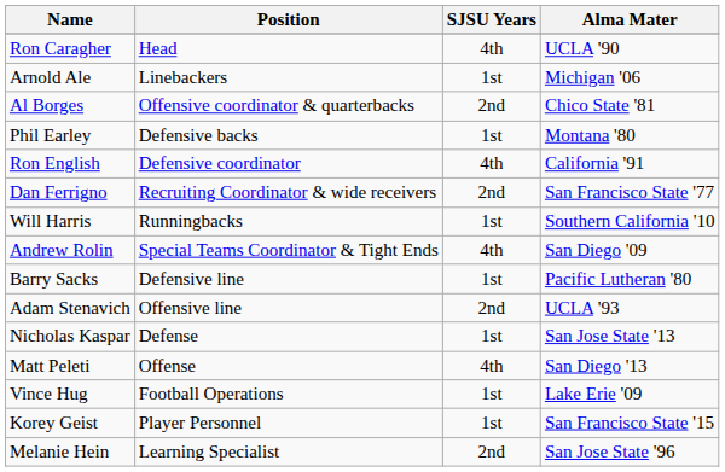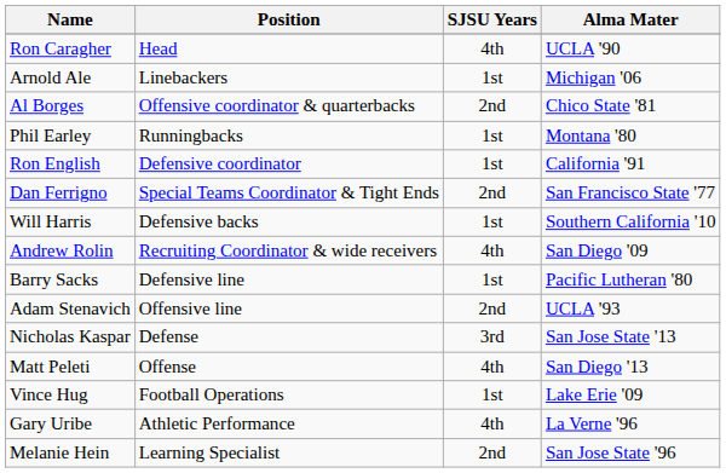 <table class="wikitable">
 <tr>
 <th><span>Name</span></th>
 <th><span>Position</span></th>
 <th><span>SJSU Years</span></th>
 <th><span>Alma Mater</span></th>
 </tr>
 <tr>
 </tr>
 <tr>
 <td><a href='#'>Ron Caragher</a></td>
 <td><a href='#'>Head</a></td>
 <td align=center>4th</td>
 <td><a href='#'>UCLA</a> '90</td>
 </tr>
 <tr>
 <td>Arnold Ale</td>
 <td>Linebackers</td>
 <td align=center>1st</td>
 <td><a href='#'>Michigan</a> '06</td>
 </tr>
 <tr>
 <td><a href='#'>Al Borges</a></td>
 <td><a href='#'>Offensive coordinator</a> & quarterbacks</td>
 <td align=center>2nd</td>
 <td><a href='#'>Chico State</a> '81</td>
 </tr>
 <tr>
 <td>Phil Earley</td>
-<td>Defensive backs</td>
+<td>Runningbacks</td>
 <td align=center>1st</td>
 <td><a href='#'>Montana</a> '80</td>
 </tr>
 <tr>
 <td><a href='#'>Ron English</a></td>
 <td><a href='#'>Defensive coordinator</a></td>
-<td align=center>4th</td>
+<td align=center>1st</td>
 <td><a href='#'>California</a> '91</td>
 </tr>
 <tr>
 <td><a href='#'>Dan Ferrigno</a></td>
-<td><a href='#'>Recruiting Coordinator</a> & wide receivers</td>
+<td><a href='#'>Special Teams Coordinator</a> & Tight Ends</td>
 <td align=center>2nd</td>
 <td><a href='#'>San Francisco State</a> '77</td>
 </tr>
 <tr>
 <td>Will Harris</td>
-<td>Runningbacks</td>
+<td>Defensive backs</td>
 <td align=center>1st</td>
 <td><a href='#'>Southern California</a> '10</td>
 </tr>
 <tr>
 <td><a href='#'>Andrew Rolin</a></td>
-<td><a href='#'>Special Teams Coordinator</a> & Tight Ends</td>
+<td><a href='#'>Recruiting Coordinator</a> & wide receivers</td>
 <td align=center>4th</td>
 <td><a href='#'>San Diego</a> '09</td>
 </tr>
 <tr>
 <td>Barry Sacks</td>
 <td>Defensive line</td>
 <td align=center>1st</td>
 <td><a href='#'>Pacific Lutheran</a> '80</td>
 </tr>
 <tr>
 <td>Adam Stenavich</td>
 <td>Offensive line</td>
 <td align=center>2nd</td>
 <td><a href='#'>UCLA</a> '93</td>
 </tr>
 <tr>
 <td>Nicholas Kaspar</td>
 <td>Defense</td>
-<td align=center>1st</td>
+<td align=center>3rd</td>
 <td><a href='#'>San Jose State</a> '13</td>
 </tr>
 <tr>
 <td>Matt Peleti</td>
 <td>Offense</td>
 <td align=center>4th</td>
 <td><a href='#'>San Diego</a> '13</td>
 </tr>
 <tr>
 <td>Vince Hug</td>
 <td>Football Operations</td>
 <td align=center>1st</td>
 <td><a href='#'>Lake Erie</a> '09</td>
 </tr>
 <tr>
-<td>Korey Geist</td>
-<td>Player Personnel</td>
-<td align=center>1st</td>
-<td><a href='#'>San Francisco State</a> '15</td>
+<td>Gary Uribe</td>
+<td>Athletic Performance</td>
+<td align=center>4th</td>
+<td><a href='#'>La Verne</a> '96</td>
 </tr>
 <tr>
 <td>Melanie Hein</td>
 <td>Learning Specialist</td>
 <td align=center>2nd</td>
 <td><a href='#'>San Jose State</a> '96</td>
 </tr>
 </table>
